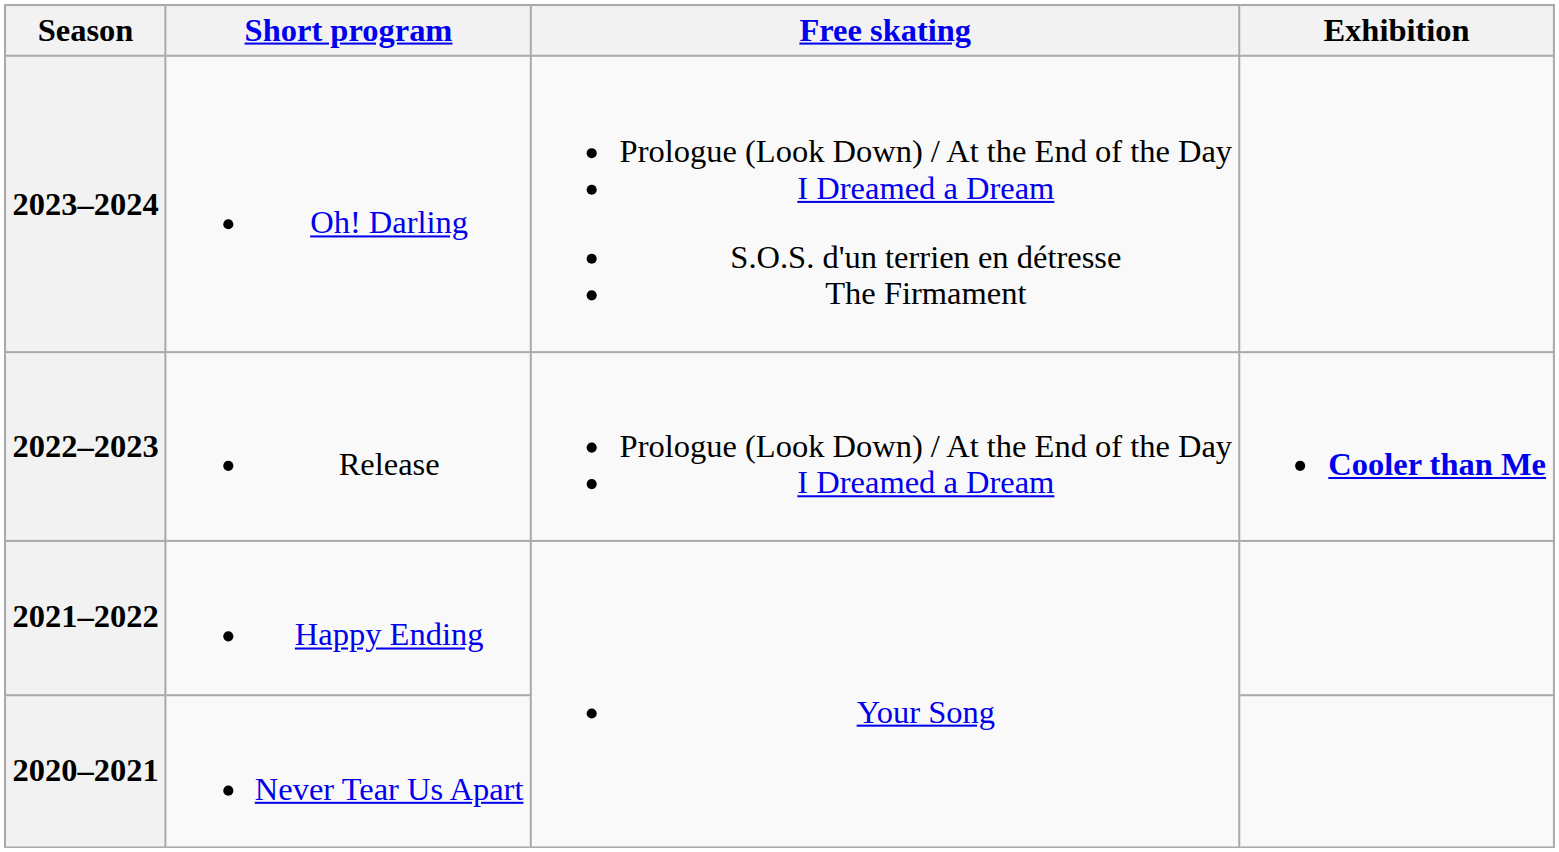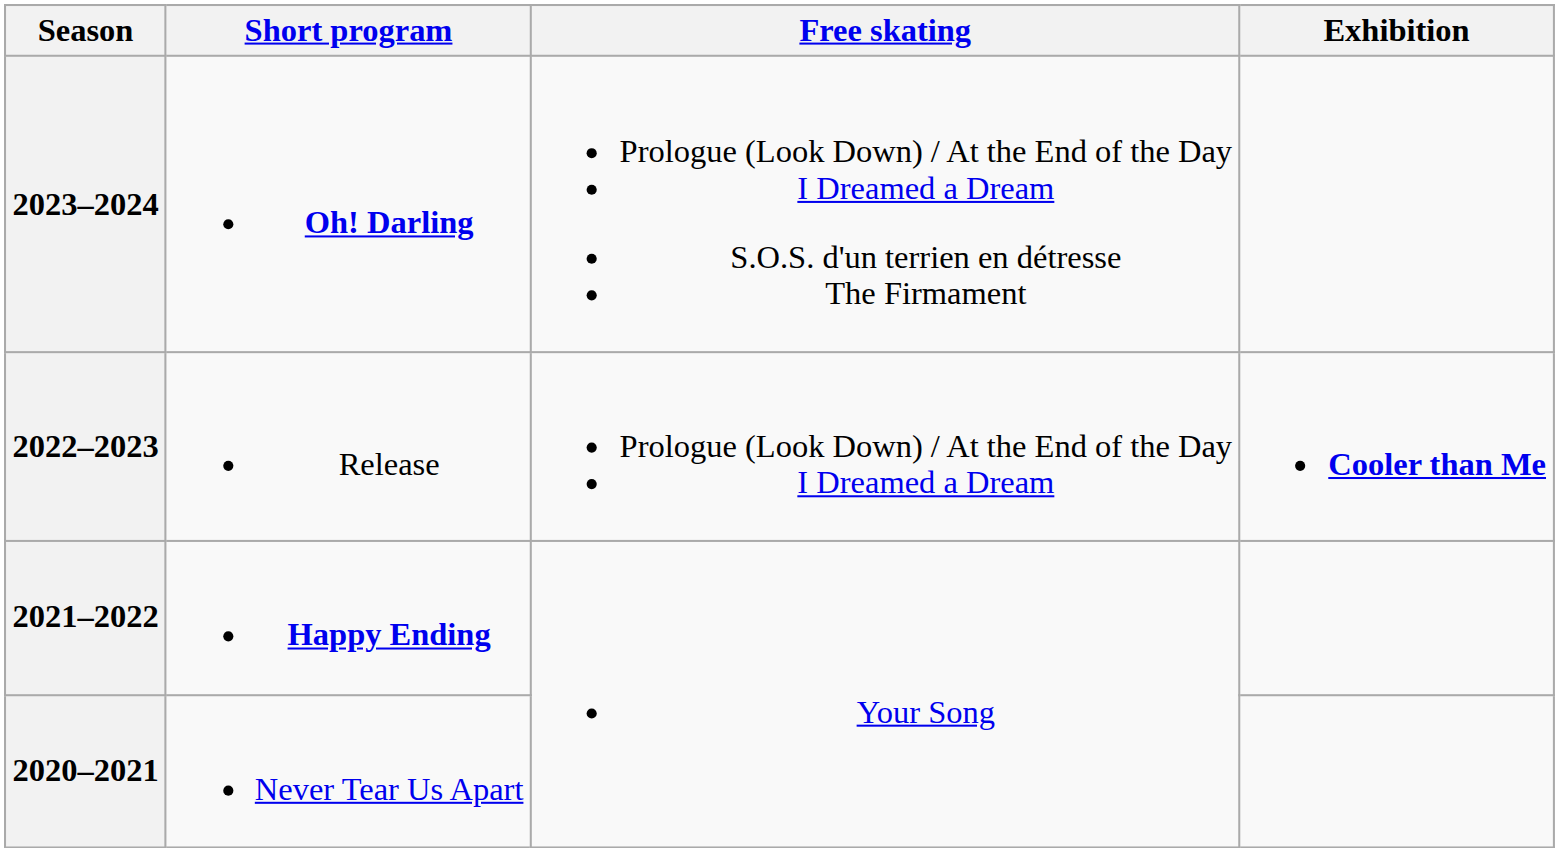 <table class="wikitable" style="text-align:center">
 <tr>
 <th>Season</th>
 <th><a href='#'>Short program</a></th>
 <th><a href='#'>Free skating</a></th>
 <th>Exhibition</th>
 </tr>
 <tr>
 <th>2023–2024 <br> </th>
-<td><br><ul><li><a href='#'>Oh! Darling</a> <br> </li></ul></td>
+<td><strong><br><ul><li><a href='#'>Oh! Darling</a> <br> </li></ul></strong></td>
 <td><br><ul><li>Prologue (Look Down) / At the End of the Day <br> </li><li><a href='#'>I Dreamed a Dream</a> <br> </li></ul><ul><li>S.O.S. d'un terrien en détresse <br> </li><li>The Firmament <br></li></ul></td>
 <td></td>
 </tr>
 <tr>
 <th>2022–2023 <br> </th>
 <td><br><ul><li>Release <br> </li></ul></td>
 <td><br><ul><li>Prologue (Look Down) / At the End of the Day <br> </li><li><a href='#'>I Dreamed a Dream</a> <br> </li></ul></td>
 <td><strong><br><ul><li><a href='#'>Cooler than Me</a> <br></li></ul></strong></td>
 </tr>
 <tr>
 <th>2021–2022 <br> </th>
-<td><br><ul><li><a href='#'>Happy Ending</a> <br> </li></ul></td>
+<td><strong><br><ul><li><a href='#'>Happy Ending</a> <br> </li></ul></strong></td>
 <td rowspan=2><br><ul><li><a href='#'>Your Song</a> <br> </li></ul></td>
 <td></td>
 </tr>
 <tr>
 <th>2020–2021 <br></th>
 <td><br><ul><li><a href='#'>Never Tear Us Apart</a> <br> </li></ul></td>
 <td></td>
 </tr>
 </table>
